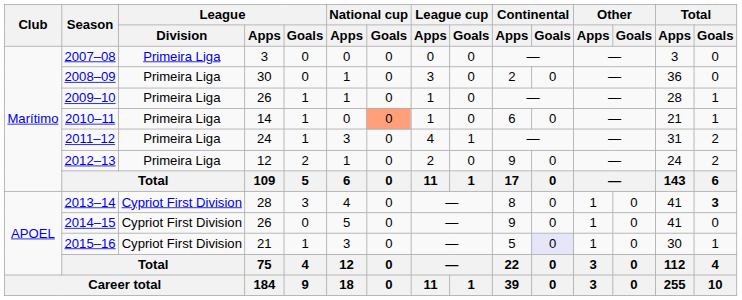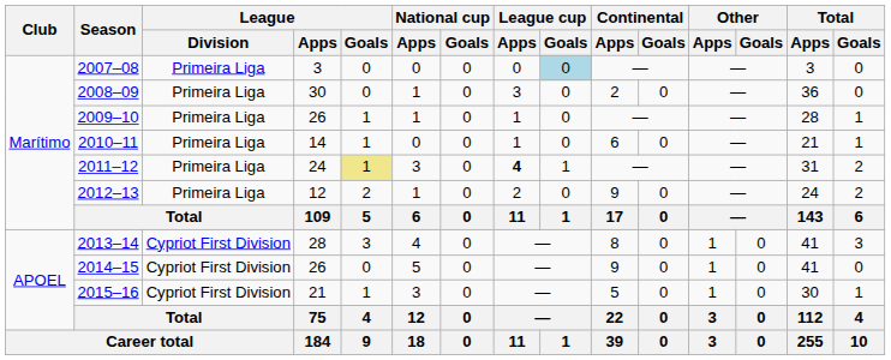 <table class="wikitable" style="text-align:center">
 <tr>
 <th rowspan="2">Club</th>
 <th rowspan="2">Season</th>
 <th colspan="3">League</th>
 <th colspan="2">National cup</th>
 <th colspan="2">League cup</th>
 <th colspan="2">Continental</th>
 <th colspan="2">Other</th>
 <th colspan="2">Total</th>
 </tr>
 <tr>
 <th>Division</th>
 <th>Apps</th>
 <th>Goals</th>
 <th>Apps</th>
 <th>Goals</th>
 <th>Apps</th>
 <th>Goals</th>
 <th>Apps</th>
 <th>Goals</th>
 <th>Apps</th>
 <th>Goals</th>
 <th>Apps</th>
 <th>Goals</th>
 </tr>
 <tr>
 <td rowspan="7"><a href='#'>Marítimo</a></td>
 <td><a href='#'>2007–08</a></td>
 <td><a href='#'>Primeira Liga</a></td>
 <td>3</td>
 <td>0</td>
 <td>0</td>
 <td>0</td>
 <td>0</td>
-<td>0</td>
+<td style="background: lightblue;">0</td>
 <td colspan="2">—</td>
 <td colspan="2">—</td>
 <td>3</td>
 <td>0</td>
 </tr>
 <tr>
 <td><a href='#'>2008–09</a></td>
 <td>Primeira Liga</td>
 <td>30</td>
 <td>0</td>
 <td>1</td>
 <td>0</td>
 <td>3</td>
 <td>0</td>
 <td>2</td>
 <td>0</td>
 <td colspan="2">—</td>
 <td>36</td>
 <td>0</td>
 </tr>
 <tr>
 <td><a href='#'>2009–10</a></td>
 <td>Primeira Liga</td>
 <td>26</td>
 <td>1</td>
 <td>1</td>
 <td>0</td>
 <td>1</td>
 <td>0</td>
 <td colspan="2">—</td>
 <td colspan="2">—</td>
 <td>28</td>
 <td>1</td>
 </tr>
 <tr>
 <td><a href='#'>2010–11</a></td>
 <td>Primeira Liga</td>
 <td>14</td>
 <td>1</td>
 <td>0</td>
-<td style="background: lightsalmon;">0</td>
+<td>0</td>
 <td>1</td>
 <td>0</td>
 <td>6</td>
 <td>0</td>
 <td colspan="2">—</td>
 <td>21</td>
 <td>1</td>
 </tr>
 <tr>
 <td><a href='#'>2011–12</a></td>
 <td>Primeira Liga</td>
 <td>24</td>
-<td>1</td>
+<td style="background: khaki;">1</td>
 <td>3</td>
 <td>0</td>
-<td>4</td>
+<td><strong>4</strong></td>
 <td>1</td>
 <td colspan="2">—</td>
 <td colspan="2">—</td>
 <td>31</td>
 <td>2</td>
 </tr>
 <tr>
 <td><a href='#'>2012–13</a></td>
 <td>Primeira Liga</td>
 <td>12</td>
 <td>2</td>
 <td>1</td>
 <td>0</td>
 <td>2</td>
 <td>0</td>
 <td>9</td>
 <td>0</td>
 <td colspan="2">—</td>
 <td>24</td>
 <td>2</td>
 </tr>
 <tr>
 <th colspan="2">Total</th>
 <th>109</th>
 <th>5</th>
 <th>6</th>
 <th>0</th>
 <th>11</th>
 <th>1</th>
 <th>17</th>
 <th>0</th>
 <th colspan="2">—</th>
 <th>143</th>
 <th>6</th>
 </tr>
 <tr>
 <td rowspan="4"><a href='#'>APOEL</a></td>
 <td><a href='#'>2013–14</a></td>
 <td><a href='#'>Cypriot First Division</a></td>
 <td>28</td>
 <td>3</td>
 <td>4</td>
 <td>0</td>
 <td colspan="2">—</td>
 <td>8</td>
 <td>0</td>
 <td>1</td>
 <td>0</td>
 <td>41</td>
-<td><strong>3</strong></td>
+<td>3</td>
 </tr>
 <tr>
 <td><a href='#'>2014–15</a></td>
 <td>Cypriot First Division</td>
 <td>26</td>
 <td>0</td>
 <td>5</td>
 <td>0</td>
 <td colspan="2">—</td>
 <td>9</td>
 <td>0</td>
 <td>1</td>
 <td>0</td>
 <td>41</td>
 <td>0</td>
 </tr>
 <tr>
 <td><a href='#'>2015–16</a></td>
 <td>Cypriot First Division</td>
 <td>21</td>
 <td>1</td>
 <td>3</td>
 <td>0</td>
 <td colspan="2">—</td>
 <td>5</td>
-<td style="background: lavender;">0</td>
+<td>0</td>
 <td>1</td>
 <td>0</td>
 <td>30</td>
 <td>1</td>
 </tr>
 <tr>
 <th colspan="2">Total</th>
 <th>75</th>
 <th>4</th>
 <th>12</th>
 <th>0</th>
 <th colspan="2">—</th>
 <th>22</th>
 <th>0</th>
 <th>3</th>
 <th>0</th>
 <th>112</th>
 <th>4</th>
 </tr>
 <tr>
 <th colspan="3">Career total</th>
 <th>184</th>
 <th>9</th>
 <th>18</th>
 <th>0</th>
 <th>11</th>
 <th>1</th>
 <th>39</th>
 <th>0</th>
 <th>3</th>
 <th>0</th>
 <th>255</th>
 <th>10</th>
 </tr>
 </table>
